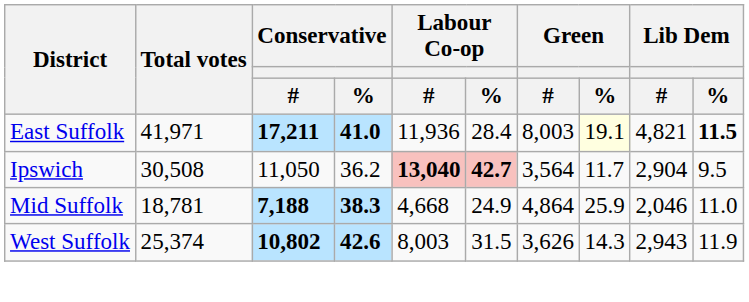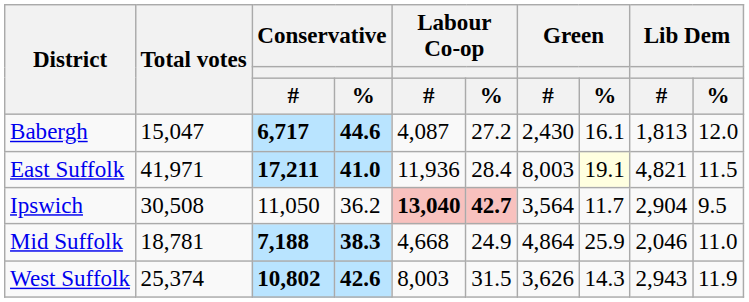 <table class="wikitable sortable">
 <tr>
 <th rowspan=3>District</th>
 <th rowspan=3>Total votes</th>
 <th colspan="2">Conservative</th>
 <th colspan="2">Labour<br>Co-op</th>
 <th colspan="2">Green</th>
 <th colspan="2">Lib Dem</th>
 </tr>
 <tr>
 <th colspan="2" style="background:"></th>
 <th colspan="2" style="background:"></th>
 <th colspan="2" style="background:"></th>
 <th colspan="2" style="background:"></th>
 </tr>
 <tr>
 <th>#</th>
 <th>%</th>
 <th>#</th>
 <th>%</th>
 <th>#</th>
 <th>%</th>
 <th>#</th>
 <th>%</th>
 </tr>
 <tr>
+<td><a href='#'>Babergh</a></td>
+<td>15,047</td>
+<td style="background:#B9E4FF;"><strong>6,717</strong></td>
+<td style="background:#B9E4FF;"><strong>44.6</strong></td>
+<td>4,087</td>
+<td>27.2</td>
+<td>2,430</td>
+<td>16.1</td>
+<td>1,813</td>
+<td>12.0</td>
+</tr>
+<tr>
 <td><a href='#'>East Suffolk</a></td>
 <td>41,971</td>
 <td style="background:#B9E4FF;"><strong>17,211</strong></td>
 <td style="background:#B9E4FF;"><strong>41.0</strong></td>
 <td>11,936</td>
 <td>28.4</td>
 <td>8,003</td>
 <td style="background: lightyellow;">19.1</td>
 <td>4,821</td>
-<td><strong>11.5</strong></td>
+<td>11.5</td>
 </tr>
 <tr>
 <td><a href='#'>Ipswich</a></td>
 <td>30,508</td>
 <td>11,050</td>
 <td>36.2</td>
 <td style="background:#F8C1BE;"><strong>13,040</strong></td>
 <td style="background:#F8C1BE;"><strong>42.7</strong></td>
 <td>3,564</td>
 <td>11.7</td>
 <td>2,904</td>
 <td>9.5</td>
 </tr>
 <tr>
 <td><a href='#'>Mid Suffolk</a></td>
 <td>18,781</td>
 <td style="background:#B9E4FF;"><strong>7,188</strong></td>
 <td style="background:#B9E4FF;"><strong>38.3</strong></td>
 <td>4,668</td>
 <td>24.9</td>
 <td>4,864</td>
 <td>25.9</td>
 <td>2,046</td>
 <td>11.0</td>
 </tr>
 <tr>
 <td><a href='#'>West Suffolk</a></td>
 <td>25,374</td>
 <td style="background:#B9E4FF;"><strong>10,802</strong></td>
 <td style="background:#B9E4FF;"><strong>42.6</strong></td>
 <td>8,003</td>
 <td>31.5</td>
 <td>3,626</td>
 <td>14.3</td>
 <td>2,943</td>
 <td>11.9</td>
 </tr>
 </table>
